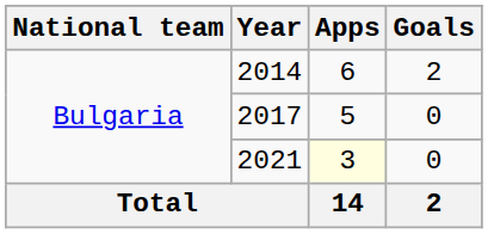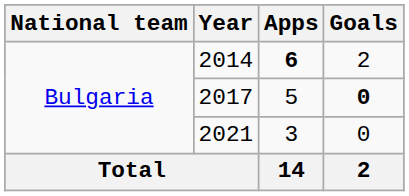 <table class="wikitable" style="text-align:center">
 <tr>
 <th>National team</th>
 <th>Year</th>
 <th>Apps</th>
 <th>Goals</th>
 </tr>
 <tr>
 <td rowspan="3"><a href='#'>Bulgaria</a></td>
 <td>2014</td>
-<td>6</td>
+<td><strong>6</strong></td>
 <td>2</td>
 </tr>
 <tr>
 <td>2017</td>
 <td>5</td>
-<td>0</td>
+<td><strong>0</strong></td>
 </tr>
 <tr>
 <td>2021</td>
-<td style="background: lightyellow;">3</td>
+<td>3</td>
 <td>0</td>
 </tr>
 <tr>
 <th colspan="2">Total</th>
 <th>14</th>
 <th>2</th>
 </tr>
 </table>
